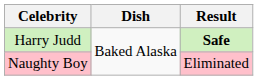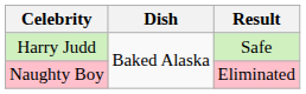 <table class="wikitable" style="text-align:center;">
 <tr>
 <th>Celebrity</th>
 <th>Dish</th>
 <th>Result</th>
 </tr>
 <tr>
 <td style="background:#d0f0c0;">Harry Judd</td>
 <td rowspan="2">Baked Alaska</td>
-<td style="background:#d0f0c0;"><strong>Safe</strong></td>
+<td style="background:#d0f0c0;">Safe</td>
 </tr>
 <tr>
 <td style="background:pink;">Naughty Boy</td>
 <td style="background:pink;">Eliminated</td>
 </tr>
 </table>
